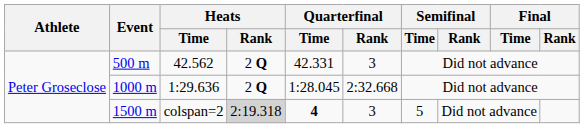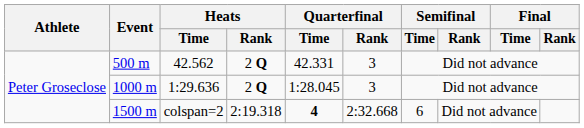 <table class="wikitable" style="font-size:90%">
 <tr>
 <th rowspan=2>Athlete</th>
 <th rowspan=2>Event</th>
 <th colspan=2>Heats</th>
 <th colspan=2>Quarterfinal</th>
 <th colspan=2>Semifinal</th>
 <th colspan=2>Final</th>
 </tr>
 <tr style="font-size:95%">
 <th>Time</th>
 <th>Rank</th>
 <th>Time</th>
 <th>Rank</th>
 <th>Time</th>
 <th>Rank</th>
 <th>Time</th>
 <th>Rank</th>
 </tr>
 <tr align=center>
 <td align=left rowspan=3><a href='#'>Peter Groseclose</a></td>
 <td align=left><a href='#'>500 m</a></td>
 <td>42.562</td>
 <td>2 <strong>Q</strong></td>
 <td>42.331</td>
 <td>3</td>
 <td colspan=4>Did not advance</td>
 </tr>
 <tr align=center>
 <td align=left><a href='#'>1000 m</a></td>
 <td>1:29.636</td>
 <td>2 <strong>Q</strong></td>
 <td>1:28.045</td>
-<td>2:32.668</td>
+<td>3</td>
 <td colspan=4>Did not advance</td>
 </tr>
 <tr align=center>
 <td align=left><a href='#'>1500 m</a></td>
 <td>colspan=2</td>
-<td style="background: lightgrey;">2:19.318</td>
+<td>2:19.318</td>
 <td><strong>4 </strong></td>
-<td>3</td>
-<td>5</td>
+<td>2:32.668</td>
+<td>6</td>
 <td colspan=2>Did not advance</td>
 </tr>
 </table>
